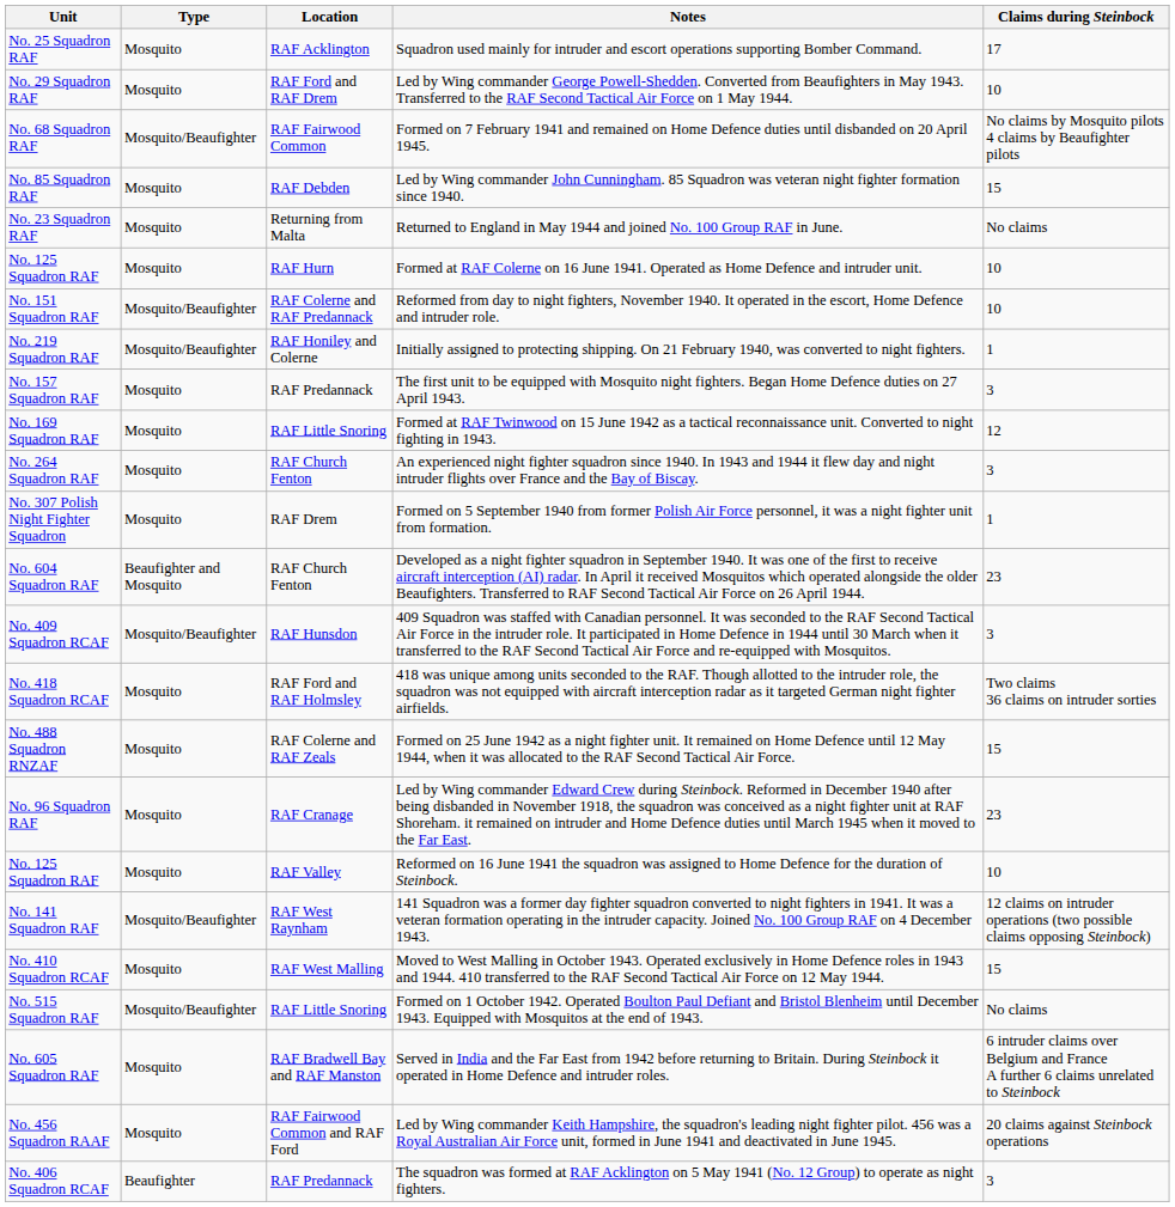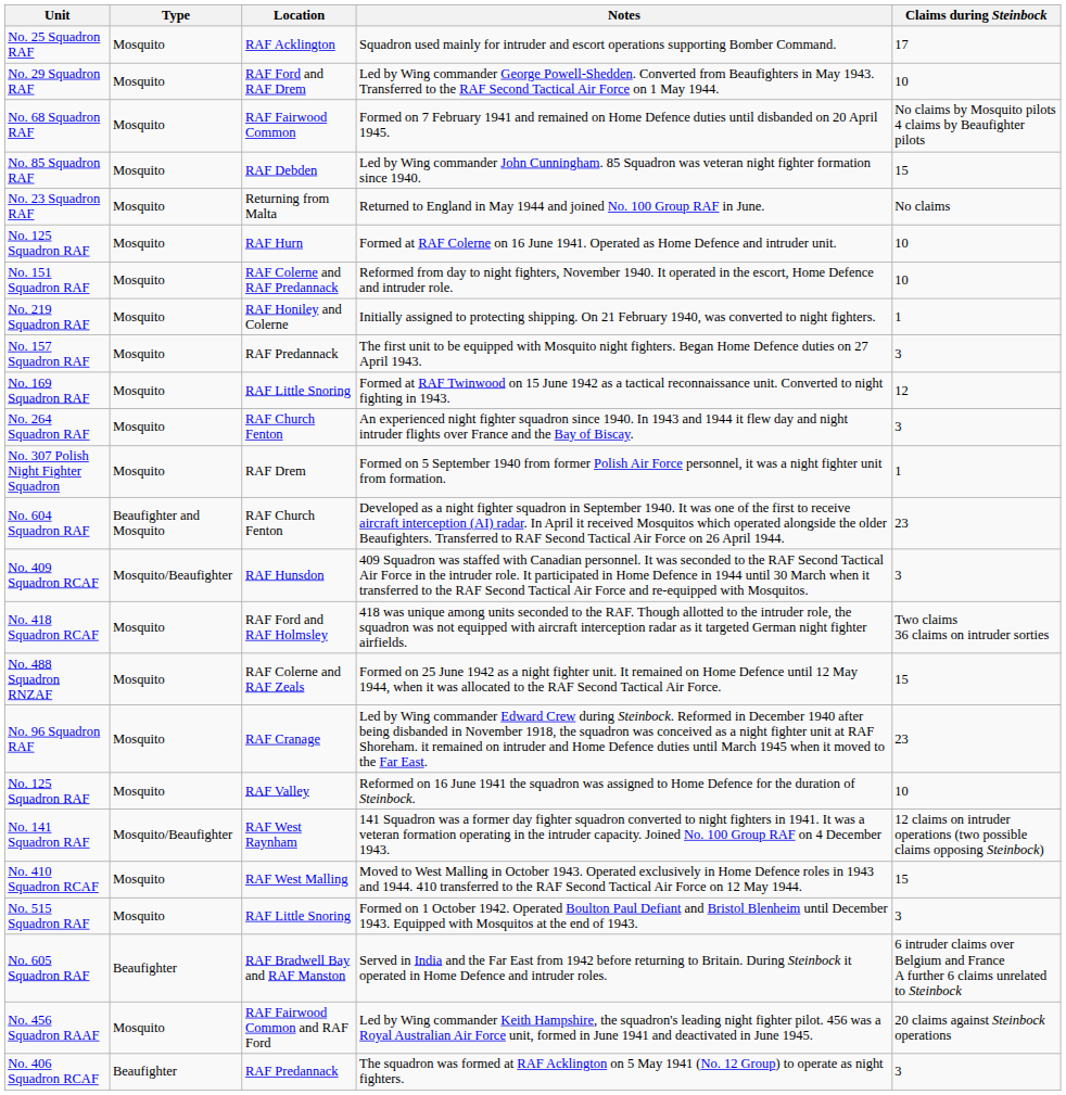 <table class="wikitable">
 <tr>
 <th>Unit</th>
 <th>Type</th>
 <th>Location</th>
 <th>Notes</th>
 <th>Claims during <em>Steinbock</em></th>
 </tr>
 <tr>
 <td><a href='#'>No. 25 Squadron RAF</a></td>
 <td>Mosquito</td>
 <td><a href='#'>RAF Acklington</a></td>
 <td>Squadron used mainly for intruder and escort operations supporting Bomber Command.</td>
 <td>17</td>
 </tr>
 <tr>
 <td><a href='#'>No. 29 Squadron RAF</a></td>
 <td>Mosquito</td>
 <td><a href='#'>RAF Ford</a> and <a href='#'>RAF Drem</a></td>
 <td>Led by Wing commander <a href='#'>George Powell-Shedden</a>. Converted from Beaufighters in May 1943. Transferred to the <a href='#'>RAF Second Tactical Air Force</a> on 1 May 1944.</td>
 <td>10</td>
 </tr>
 <tr>
 <td><a href='#'>No. 68 Squadron RAF</a></td>
-<td>Mosquito/Beaufighter</td>
+<td>Mosquito</td>
 <td><a href='#'>RAF Fairwood Common</a></td>
 <td>Formed on 7 February 1941 and remained on Home Defence duties until disbanded on 20 April 1945.</td>
 <td>No claims by Mosquito pilots<br>4 claims by Beaufighter pilots</td>
 </tr>
 <tr>
 <td><a href='#'>No. 85 Squadron RAF</a></td>
 <td>Mosquito</td>
 <td><a href='#'>RAF Debden</a></td>
 <td>Led by Wing commander <a href='#'>John Cunningham</a>. 85 Squadron was veteran night fighter formation since 1940.</td>
 <td>15</td>
 </tr>
 <tr>
 <td><a href='#'>No. 23 Squadron RAF</a></td>
 <td>Mosquito</td>
 <td>Returning from Malta</td>
 <td>Returned to England in May 1944 and joined <a href='#'>No. 100 Group RAF</a> in June.</td>
 <td>No claims</td>
 </tr>
 <tr>
 <td><a href='#'>No. 125 Squadron RAF</a></td>
 <td>Mosquito</td>
 <td><a href='#'>RAF Hurn</a></td>
 <td>Formed at <a href='#'>RAF Colerne</a> on 16 June 1941. Operated as Home Defence and intruder unit.</td>
 <td>10</td>
 </tr>
 <tr>
 <td><a href='#'>No. 151 Squadron RAF</a></td>
-<td>Mosquito/Beaufighter</td>
+<td>Mosquito</td>
 <td><a href='#'>RAF Colerne</a> and <a href='#'>RAF Predannack</a></td>
 <td>Reformed from day to night fighters, November 1940. It operated in the escort, Home Defence and intruder role.</td>
 <td>10</td>
 </tr>
 <tr>
 <td><a href='#'>No. 219 Squadron RAF</a></td>
-<td>Mosquito/Beaufighter</td>
+<td>Mosquito</td>
 <td><a href='#'>RAF Honiley</a> and Colerne</td>
 <td>Initially assigned to protecting shipping. On 21 February 1940, was converted to night fighters.</td>
 <td>1</td>
 </tr>
 <tr>
 <td><a href='#'>No. 157 Squadron RAF</a></td>
 <td>Mosquito</td>
 <td>RAF Predannack</td>
 <td>The first unit to be equipped with Mosquito night fighters. Began Home Defence duties on 27 April 1943.</td>
 <td>3</td>
 </tr>
 <tr>
 <td><a href='#'>No. 169 Squadron RAF</a></td>
 <td>Mosquito</td>
 <td><a href='#'>RAF Little Snoring</a></td>
 <td>Formed at <a href='#'>RAF Twinwood</a> on 15 June 1942 as a tactical reconnaissance unit. Converted to night fighting in 1943.</td>
 <td>12</td>
 </tr>
 <tr>
 <td><a href='#'>No. 264 Squadron RAF</a></td>
 <td>Mosquito</td>
 <td><a href='#'>RAF Church Fenton</a></td>
 <td>An experienced night fighter squadron since 1940. In 1943 and 1944 it flew day and night intruder flights over France and the <a href='#'>Bay of Biscay</a>.</td>
 <td>3</td>
 </tr>
 <tr>
 <td><a href='#'>No. 307 Polish Night Fighter Squadron</a></td>
 <td>Mosquito</td>
 <td>RAF Drem</td>
 <td>Formed on 5 September 1940 from former <a href='#'>Polish Air Force</a> personnel, it was a night fighter unit from formation.</td>
 <td>1</td>
 </tr>
 <tr>
 <td><a href='#'>No. 604 Squadron RAF</a></td>
 <td>Beaufighter and Mosquito</td>
 <td>RAF Church Fenton</td>
 <td>Developed as a night fighter squadron in September 1940. It was one of the first to receive <a href='#'>aircraft interception (AI) radar</a>. In April it received Mosquitos which operated alongside the older Beaufighters. Transferred to RAF Second Tactical Air Force on 26 April 1944.</td>
 <td>23</td>
 </tr>
 <tr>
 <td><a href='#'>No. 409 Squadron RCAF</a></td>
 <td>Mosquito/Beaufighter</td>
 <td><a href='#'>RAF Hunsdon</a></td>
 <td>409 Squadron was staffed with Canadian personnel. It was seconded to the RAF Second Tactical Air Force in the intruder role. It participated in Home Defence in 1944 until 30 March when it transferred to the RAF Second Tactical Air Force and re-equipped with Mosquitos.</td>
 <td>3</td>
 </tr>
 <tr>
 <td><a href='#'>No. 418 Squadron RCAF</a></td>
 <td>Mosquito</td>
 <td>RAF Ford and <a href='#'>RAF Holmsley</a></td>
 <td>418 was unique among units seconded to the RAF. Though allotted to the intruder role, the squadron was not equipped with aircraft interception radar as it targeted German night fighter airfields.</td>
 <td>Two claims<br>36 claims on intruder sorties</td>
 </tr>
 <tr>
 <td><a href='#'>No. 488 Squadron RNZAF</a></td>
 <td>Mosquito</td>
 <td>RAF Colerne and <a href='#'>RAF Zeals</a></td>
 <td>Formed on 25 June 1942 as a night fighter unit. It remained on Home Defence until 12 May 1944, when it was allocated to the RAF Second Tactical Air Force.</td>
 <td>15</td>
 </tr>
 <tr>
 <td><a href='#'>No. 96 Squadron RAF</a></td>
 <td>Mosquito</td>
 <td><a href='#'>RAF Cranage</a></td>
 <td>Led by Wing commander <a href='#'>Edward Crew</a> during <em>Steinbock</em>. Reformed in December 1940 after being disbanded in November 1918, the squadron was conceived as a night fighter unit at RAF Shoreham. it remained on intruder and Home Defence duties until March 1945 when it moved to the <a href='#'>Far East</a>.</td>
 <td>23</td>
 </tr>
 <tr>
 <td><a href='#'>No. 125 Squadron RAF</a></td>
 <td>Mosquito</td>
 <td><a href='#'>RAF Valley</a></td>
 <td>Reformed on 16 June 1941 the squadron was assigned to Home Defence for the duration of <em>Steinbock</em>.</td>
 <td>10</td>
 </tr>
 <tr>
 <td><a href='#'>No. 141 Squadron RAF</a></td>
 <td>Mosquito/Beaufighter</td>
 <td><a href='#'>RAF West Raynham</a></td>
 <td>141 Squadron was a former day fighter squadron converted to night fighters in 1941. It was a veteran formation operating in the intruder capacity. Joined <a href='#'>No. 100 Group RAF</a> on 4 December 1943.</td>
 <td>12 claims on intruder operations (two possible claims opposing <em>Steinbock</em>)</td>
 </tr>
 <tr>
 <td><a href='#'>No. 410 Squadron RCAF</a></td>
 <td>Mosquito</td>
 <td><a href='#'>RAF West Malling</a></td>
 <td>Moved to West Malling in October 1943. Operated exclusively in Home Defence roles in 1943 and 1944. 410 transferred to the RAF Second Tactical Air Force on 12 May 1944.</td>
 <td>15</td>
 </tr>
 <tr>
 <td><a href='#'>No. 515 Squadron RAF</a></td>
-<td>Mosquito/Beaufighter</td>
+<td>Mosquito</td>
 <td><a href='#'>RAF Little Snoring</a></td>
 <td>Formed on 1 October 1942. Operated <a href='#'>Boulton Paul Defiant</a> and <a href='#'>Bristol Blenheim</a> until December 1943. Equipped with Mosquitos at the end of 1943.</td>
-<td>No claims</td>
+<td>3</td>
 </tr>
 <tr>
 <td><a href='#'>No. 605 Squadron RAF</a></td>
-<td>Mosquito</td>
+<td>Beaufighter</td>
 <td><a href='#'>RAF Bradwell Bay</a> and <a href='#'>RAF Manston</a></td>
 <td>Served in <a href='#'>India</a> and the Far East from 1942 before returning to Britain. During <em>Steinbock</em> it operated in Home Defence and intruder roles.</td>
 <td>6 intruder claims over Belgium and France<br>A further 6 claims unrelated to <em>Steinbock</em></td>
 </tr>
 <tr>
 <td><a href='#'>No. 456 Squadron RAAF</a></td>
 <td>Mosquito</td>
 <td><a href='#'>RAF Fairwood Common</a> and RAF Ford</td>
 <td>Led by Wing commander <a href='#'>Keith Hampshire</a>, the squadron's leading night fighter pilot. 456 was a <a href='#'>Royal Australian Air Force</a> unit, formed in June 1941 and deactivated in June 1945.</td>
 <td>20 claims against <em>Steinbock</em> operations</td>
 </tr>
 <tr>
 <td><a href='#'>No. 406 Squadron RCAF</a></td>
 <td>Beaufighter</td>
 <td><a href='#'>RAF Predannack</a></td>
 <td>The squadron was formed at <a href='#'>RAF Acklington</a> on 5 May 1941 (<a href='#'>No. 12 Group</a>) to operate as night fighters.</td>
 <td>3</td>
 </tr>
 </table>
